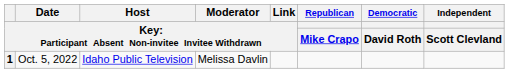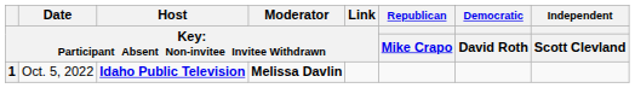 <table class="wikitable" style="text-align:center;">
 <tr>
 <th scope="col"></th>
 <th scope="col">Date</th>
 <th scope="col">Host</th>
 <th scope="col">Moderator</th>
 <th scope="col">Link</th>
 <th scope="col"><small><a href='#'>Republican</a></small></th>
 <th scope="col"><small><a href='#'>Democratic</a></small></th>
 <th scope="col"><small>Independent</small></th>
 </tr>
 <tr>
 <th colspan="5" rowspan="2">Key:<br> <small>Participant </small>  <small>Absent </small>  <small>Non-invitee </small>  <small>Invitee  Withdrawn</small></th>
 <th scope="col" style="background:"></th>
 <th scope="col" style="background:"></th>
 <th scope="col" style="background:"></th>
 </tr>
 <tr>
 <th scope="col"><a href='#'>Mike Crapo</a></th>
 <th scope="col">David Roth</th>
 <th scope="col">Scott Clevland</th>
 </tr>
 <tr>
 <th>1</th>
 <td style="white-space:nowrap;">Oct. 5, 2022</td>
-<td style="white-space:nowrap;"><a href='#'>Idaho Public Television</a></td>
-<td style="white-space:nowrap;">Melissa Davlin</td>
+<td style="white-space:nowrap;"><strong><a href='#'>Idaho Public Television</a></strong></td>
+<td style="white-space:nowrap;"><strong>Melissa Davlin</strong></td>
 <td style="white-space:nowrap;"></td>
 <td></td>
 <td></td>
 <td></td>
 </tr>
 </table>
